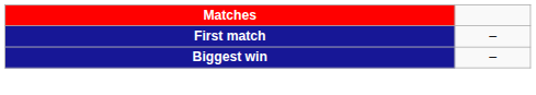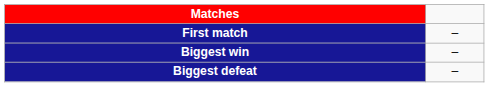 <table class="wikitable collapsible" style="width:50%;text-align:center">
 <tr>
 <th style="background:#ff0000; color:white; "><strong>Matches</strong></th>
 </tr>
 <tr>
 <th style="background:#171796; color:white; ">First match</th>
 <td>–</td>
 </tr>
 <tr>
 <th style="background:#171796; color:white; ">Biggest win</th>
 <td>–</td>
 </tr>
+<tr>
+<th style="background:#171796; color:white; ">Biggest defeat</th>
+<td>–</td>
+</tr>
 </table>
